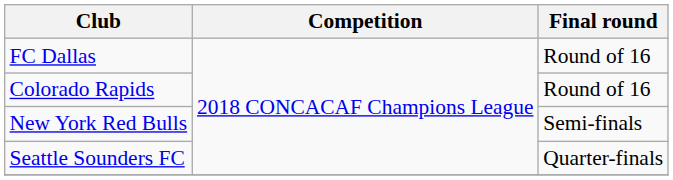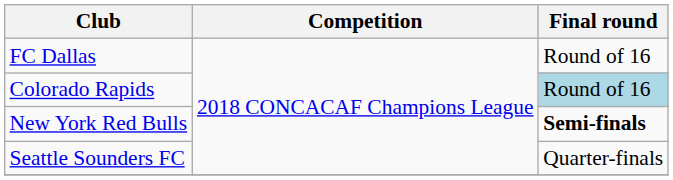 <table class="wikitable">
 <tr>
 <th>Club</th>
 <th>Competition</th>
 <th>Final round</th>
 </tr>
 <tr>
 <td><a href='#'>FC Dallas</a></td>
 <td rowspan=4><a href='#'>2018 CONCACAF Champions League</a></td>
 <td>Round of 16</td>
 </tr>
 <tr>
 <td><a href='#'>Colorado Rapids</a></td>
-<td>Round of 16</td>
+<td style="background: lightblue;">Round of 16</td>
 </tr>
 <tr>
 <td><a href='#'>New York Red Bulls</a></td>
-<td>Semi-finals</td>
+<td><strong>Semi-finals</strong></td>
 </tr>
 <tr>
 <td><a href='#'>Seattle Sounders FC</a></td>
 <td>Quarter-finals</td>
 </tr>
 <tr>
 </tr>
 </table>
